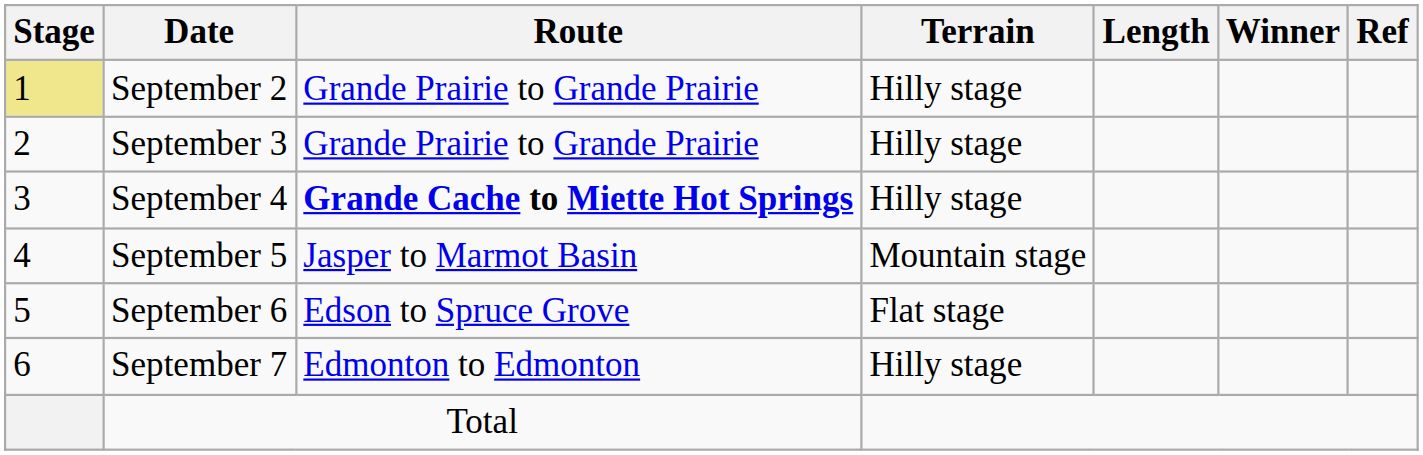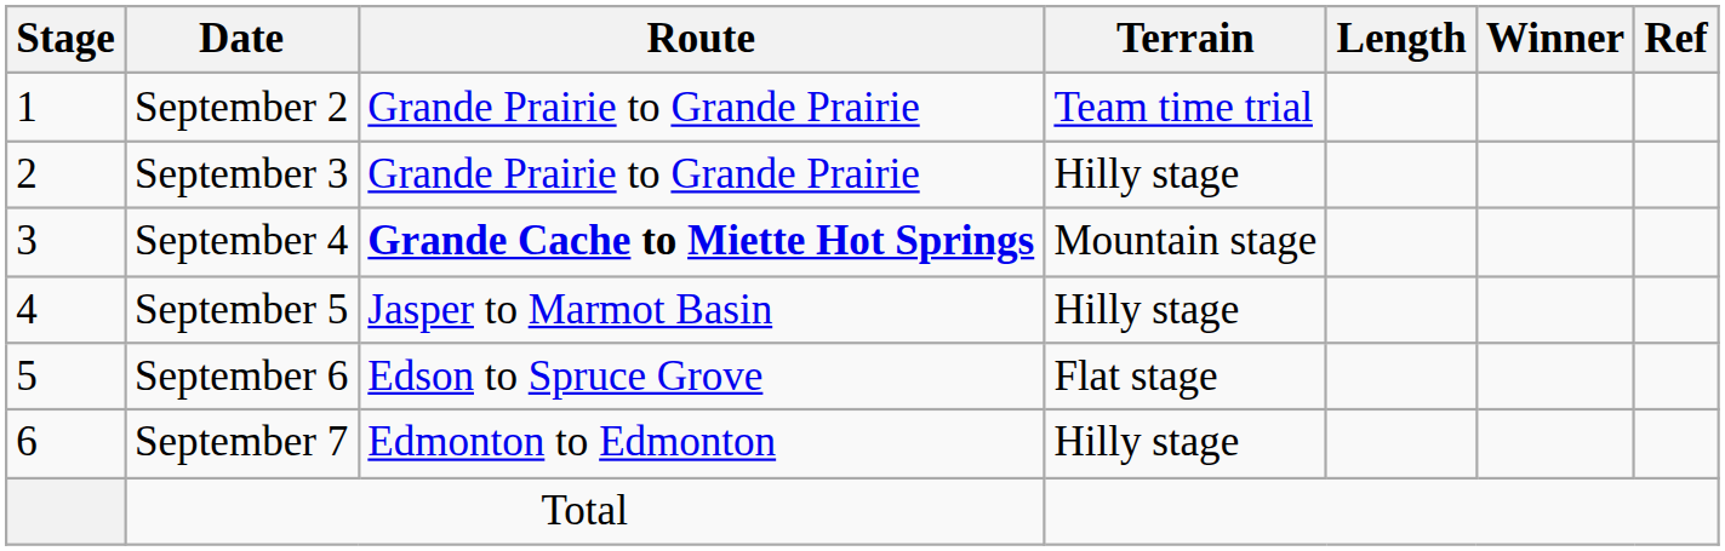 <table class="wikitable">
 <tr>
 <th>Stage</th>
 <th>Date</th>
 <th>Route</th>
 <th>Terrain</th>
 <th>Length</th>
 <th>Winner</th>
 <th>Ref</th>
 </tr>
 <tr>
-<td style="background: khaki; align:center;">1</td>
+<td style="align:center;">1</td>
 <td>September 2</td>
 <td><a href='#'>Grande Prairie</a> to <a href='#'>Grande Prairie</a></td>
-<td> Hilly stage</td>
+<td> <a href='#'>Team time trial</a></td>
 <td></td>
 <td></td>
 <td></td>
 </tr>
 <tr>
 <td style="align:center;">2</td>
 <td>September 3</td>
 <td><a href='#'>Grande Prairie</a> to <a href='#'>Grande Prairie</a></td>
 <td> Hilly stage</td>
 <td></td>
 <td></td>
 <td></td>
 </tr>
 <tr>
 <td style="align:center;">3</td>
 <td>September 4</td>
 <td><strong><a href='#'>Grande Cache</a> to <a href='#'>Miette Hot Springs</a></strong></td>
-<td> Hilly stage</td>
+<td> Mountain stage</td>
 <td></td>
 <td></td>
 <td></td>
 </tr>
 <tr>
 <td style="align:center;">4</td>
 <td>September 5</td>
 <td><a href='#'>Jasper</a> to <a href='#'>Marmot Basin</a></td>
-<td> Mountain stage</td>
+<td> Hilly stage</td>
 <td></td>
 <td></td>
 <td></td>
 </tr>
 <tr>
 <td style="align:center;">5</td>
 <td>September 6</td>
 <td><a href='#'>Edson</a> to <a href='#'>Spruce Grove</a></td>
 <td> Flat stage</td>
 <td></td>
 <td></td>
 <td></td>
 </tr>
 <tr>
 <td style="align:center;">6</td>
 <td>September 7</td>
 <td><a href='#'>Edmonton</a> to <a href='#'>Edmonton</a></td>
 <td> Hilly stage</td>
 <td></td>
 <td></td>
 <td></td>
 </tr>
 <tr>
 <th></th>
 <td colspan="2" style="text-align:center;">Total</td>
 <td colspan="5" style="text-align:center;"></td>
 </tr>
 </table>
